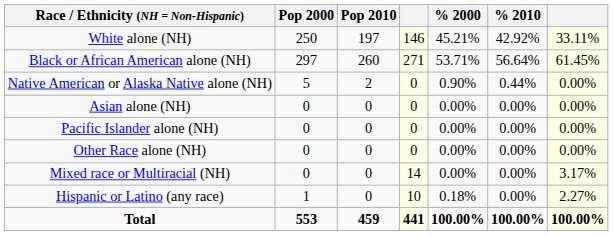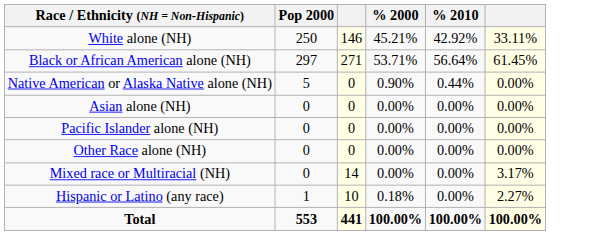 <table class="wikitable" style="text-align:center;">
 <tr>
 <th>Race / Ethnicity <small>(<em>NH = Non-Hispanic</em>)</small></th>
 <th>Pop 2000</th>
-<th>Pop 2010</th>
 <th></th>
 <th>% 2000</th>
 <th>% 2010</th>
 <th></th>
 </tr>
 <tr>
 <td><a href='#'>White</a> alone (NH)</td>
 <td>250</td>
-<td>197</td>
 <td style='background: #ffffe6;'>146</td>
 <td>45.21%</td>
 <td>42.92%</td>
 <td style='background: #ffffe6;'>33.11%</td>
 </tr>
 <tr>
 <td><a href='#'>Black or African American</a> alone (NH)</td>
 <td>297</td>
-<td>260</td>
 <td style='background: #ffffe6;'>271</td>
 <td>53.71%</td>
 <td>56.64%</td>
 <td style='background: #ffffe6;'>61.45%</td>
 </tr>
 <tr>
 <td><a href='#'>Native American</a> or <a href='#'>Alaska Native</a> alone (NH)</td>
 <td>5</td>
-<td>2</td>
 <td style='background: #ffffe6;'>0</td>
 <td>0.90%</td>
 <td>0.44%</td>
 <td style='background: #ffffe6;'>0.00%</td>
 </tr>
 <tr>
 <td><a href='#'>Asian</a> alone (NH)</td>
-<td>0</td>
 <td>0</td>
 <td style='background: #ffffe6;'>0</td>
 <td>0.00%</td>
 <td>0.00%</td>
 <td style='background: #ffffe6;'>0.00%</td>
 </tr>
 <tr>
 <td><a href='#'>Pacific Islander</a> alone (NH)</td>
 <td>0</td>
-<td>0</td>
 <td style='background: #ffffe6;'>0</td>
 <td>0.00%</td>
 <td>0.00%</td>
 <td style='background: #ffffe6;'>0.00%</td>
 </tr>
 <tr>
 <td><a href='#'>Other Race</a> alone (NH)</td>
-<td>0</td>
 <td>0</td>
 <td style='background: #ffffe6;'>0</td>
 <td>0.00%</td>
 <td>0.00%</td>
 <td style='background: #ffffe6;'>0.00%</td>
 </tr>
 <tr>
 <td><a href='#'>Mixed race or Multiracial</a> (NH)</td>
 <td>0</td>
-<td>0</td>
 <td style='background: #ffffe6;'>14</td>
 <td>0.00%</td>
 <td>0.00%</td>
 <td style='background: #ffffe6;'>3.17%</td>
 </tr>
 <tr>
 <td><a href='#'>Hispanic or Latino</a> (any race)</td>
 <td>1</td>
-<td>0</td>
 <td style='background: #ffffe6;'>10</td>
 <td>0.18%</td>
 <td>0.00%</td>
 <td style='background: #ffffe6;'>2.27%</td>
 </tr>
 <tr>
 <td><strong>Total</strong></td>
 <td><strong>553</strong></td>
-<td><strong>459</strong></td>
 <td style='background: #ffffe6;'><strong>441</strong></td>
 <td><strong>100.00%</strong></td>
 <td><strong>100.00%</strong></td>
 <td style='background: #ffffe6;'><strong>100.00%</strong></td>
 </tr>
 </table>
